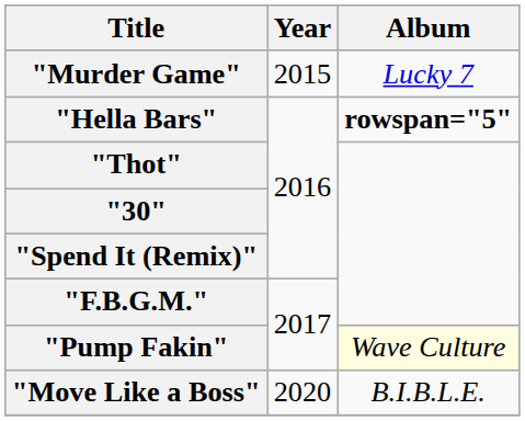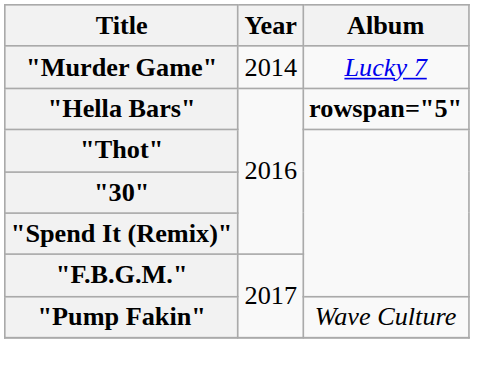 <table class="wikitable plainrowheaders" style="text-align:center;">
 <tr>
 <th scope="col">Title</th>
 <th scope="col">Year</th>
 <th scope="col">Album</th>
 </tr>
 <tr>
 <th scope="row">"Murder Game"<br></th>
-<td>2015</td>
+<td>2014</td>
 <td><em><a href='#'>Lucky 7</a></em></td>
 </tr>
 <tr>
 <th scope="row">"Hella Bars"<br></th>
 <td rowspan="4">2016</td>
 <td><strong>rowspan="5" </strong></td>
 </tr>
 <tr>
 <th scope="row">"Thot"<br></th>
 </tr>
 <tr>
 <th scope="row">"30"<br></th>
 </tr>
 <tr>
 <th scope="row">"Spend It (Remix)"<br></th>
 </tr>
 <tr>
 <th scope="row">"F.B.G.M."<br></th>
 <td rowspan="2">2017</td>
 </tr>
 <tr>
 <th scope="row">"Pump Fakin"<br></th>
-<td style="background: lightyellow;"><em>Wave Culture</em></td>
-</tr>
-<tr>
-<th scope="row">"Move Like a Boss"<br></th>
-<td>2020</td>
-<td><em>B.I.B.L.E.</em></td>
+<td><em>Wave Culture</em></td>
 </tr>
 <tr>
 </tr>
 </table>
